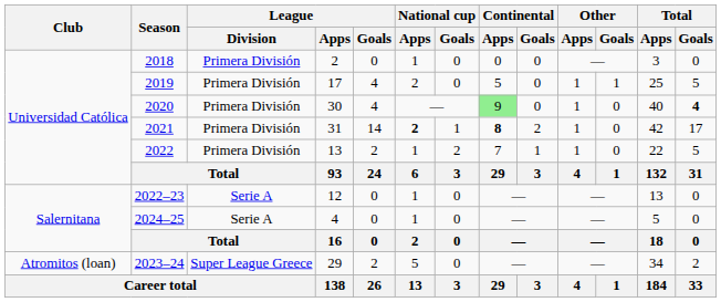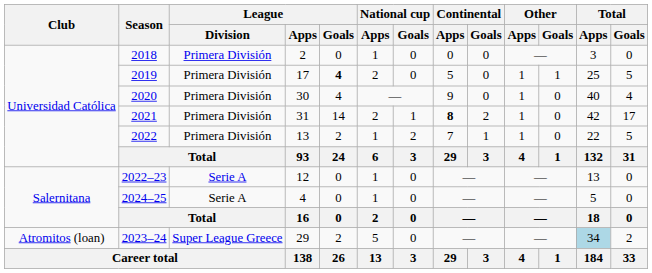 <table class="wikitable" style="text-align:center">
 <tr>
 <th rowspan="2">Club</th>
 <th rowspan="2">Season</th>
 <th colspan="3">League</th>
 <th colspan="2">National cup</th>
 <th colspan="2">Continental</th>
 <th colspan="2">Other</th>
 <th colspan="2">Total</th>
 </tr>
 <tr>
 <th>Division</th>
 <th>Apps</th>
 <th>Goals</th>
 <th>Apps</th>
 <th>Goals</th>
 <th>Apps</th>
 <th>Goals</th>
 <th>Apps</th>
 <th>Goals</th>
 <th>Apps</th>
 <th>Goals</th>
 </tr>
 <tr>
 <td rowspan="6"><a href='#'>Universidad Católica</a></td>
 <td><a href='#'>2018</a></td>
 <td><a href='#'>Primera División</a></td>
 <td>2</td>
 <td>0</td>
 <td>1</td>
 <td>0</td>
 <td>0</td>
 <td>0</td>
 <td colspan="2">—</td>
 <td>3</td>
 <td>0</td>
 </tr>
 <tr>
 <td><a href='#'>2019</a></td>
 <td>Primera División</td>
 <td>17</td>
-<td>4</td>
+<td><strong>4</strong></td>
 <td>2</td>
 <td>0</td>
 <td>5</td>
 <td>0</td>
 <td>1</td>
 <td>1</td>
 <td>25</td>
 <td>5</td>
 </tr>
 <tr>
 <td><a href='#'>2020</a></td>
 <td>Primera División</td>
 <td>30</td>
 <td>4</td>
 <td colspan="2">—</td>
-<td style="background: lightgreen;">9</td>
+<td>9</td>
 <td>0</td>
 <td>1</td>
 <td>0</td>
 <td>40</td>
-<td><strong>4</strong></td>
+<td>4</td>
 </tr>
 <tr>
 <td><a href='#'>2021</a></td>
 <td>Primera División</td>
 <td>31</td>
 <td>14</td>
-<td><strong>2</strong></td>
+<td>2</td>
 <td>1</td>
 <td><strong>8</strong></td>
 <td>2</td>
 <td>1</td>
 <td>0</td>
 <td>42</td>
 <td>17</td>
 </tr>
 <tr>
 <td><a href='#'>2022</a></td>
 <td>Primera División</td>
 <td>13</td>
 <td>2</td>
 <td>1</td>
 <td>2</td>
 <td>7</td>
 <td>1</td>
 <td>1</td>
 <td>0</td>
 <td>22</td>
 <td>5</td>
 </tr>
 <tr>
 <th colspan="2">Total</th>
 <th>93</th>
 <th>24</th>
 <th>6</th>
 <th>3</th>
 <th>29</th>
 <th>3</th>
 <th>4</th>
 <th>1</th>
 <th>132</th>
 <th>31</th>
 </tr>
 <tr>
 <td rowspan="3"><a href='#'>Salernitana</a></td>
 <td><a href='#'>2022–23</a></td>
 <td><a href='#'>Serie A</a></td>
 <td>12</td>
 <td>0</td>
 <td>1</td>
 <td>0</td>
 <td colspan="2">—</td>
 <td colspan="2">—</td>
 <td>13</td>
 <td>0</td>
 </tr>
 <tr>
 <td><a href='#'>2024–25</a></td>
 <td>Serie A</td>
 <td>4</td>
 <td>0</td>
 <td>1</td>
 <td>0</td>
 <td colspan="2">—</td>
 <td colspan="2">—</td>
 <td>5</td>
 <td>0</td>
 </tr>
 <tr>
 <th colspan="2">Total</th>
 <th>16</th>
 <th>0</th>
 <th>2</th>
 <th>0</th>
 <th colspan="2">—</th>
 <th colspan="2">—</th>
 <th>18</th>
 <th>0</th>
 </tr>
 <tr>
 <td><a href='#'>Atromitos</a> (loan)</td>
 <td><a href='#'>2023–24</a></td>
 <td><a href='#'>Super League Greece</a></td>
 <td>29</td>
 <td>2</td>
 <td>5</td>
 <td>0</td>
 <td colspan="2">—</td>
 <td colspan="2">—</td>
-<td>34</td>
+<td style="background: lightblue;">34</td>
 <td>2</td>
 </tr>
 <tr>
 <th colspan="3">Career total</th>
 <th>138</th>
 <th>26</th>
 <th>13</th>
 <th>3</th>
 <th>29</th>
 <th>3</th>
 <th>4</th>
 <th>1</th>
 <th>184</th>
 <th>33</th>
 </tr>
 </table>
